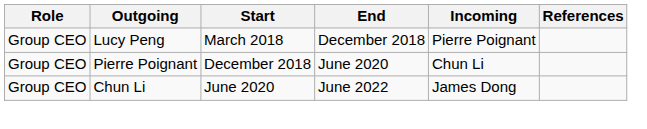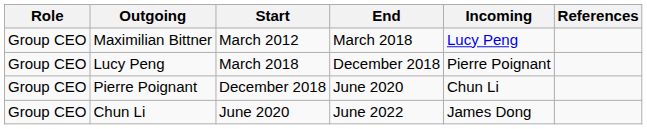 <table class="wikitable">
 <tr>
 <th>Role</th>
 <th>Outgoing</th>
 <th>Start</th>
 <th>End</th>
 <th>Incoming</th>
 <th>References</th>
+</tr>
+<tr>
+<td>Group CEO</td>
+<td>Maximilian Bittner</td>
+<td>March 2012</td>
+<td>March 2018</td>
+<td><a href='#'>Lucy Peng</a></td>
+<td></td>
 </tr>
 <tr>
 <td>Group CEO</td>
 <td>Lucy Peng</td>
 <td>March 2018</td>
 <td>December 2018</td>
 <td>Pierre Poignant</td>
 <td></td>
 </tr>
 <tr>
 <td>Group CEO</td>
 <td>Pierre Poignant</td>
 <td>December 2018</td>
 <td>June 2020</td>
 <td>Chun Li</td>
 <td></td>
 </tr>
 <tr>
 <td>Group CEO</td>
 <td>Chun Li</td>
 <td>June 2020</td>
 <td>June 2022</td>
 <td>James Dong</td>
 </tr>
 </table>
